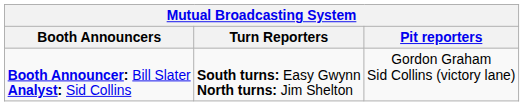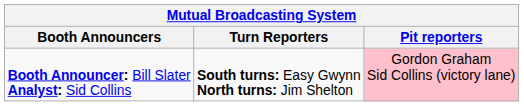 <table class="wikitable" style="font-size: 95%">
 <tr>
 <th colspan=3><a href='#'>Mutual Broadcasting System</a></th>
 </tr>
 <tr>
 <th>Booth Announcers</th>
 <th>Turn Reporters</th>
 <th><a href='#'>Pit reporters</a></th>
 </tr>
 <tr>
 <td valign="top"><br><strong><a href='#'>Booth Announcer</a>:</strong> <a href='#'>Bill Slater</a><br> <strong><a href='#'>Analyst</a>:</strong> <a href='#'>Sid Collins</a><br></td>
 <td valign="top"><br><strong>South turns:</strong> Easy Gwynn<br>     <strong>North turns:</strong> Jim Shelton<br></td>
-<td align="center" valign="top">Gordon Graham<br>Sid Collins (victory lane)</td>
+<td align="center" valign="top" style="background: pink;">Gordon Graham<br>Sid Collins (victory lane)</td>
 </tr>
 </table>
